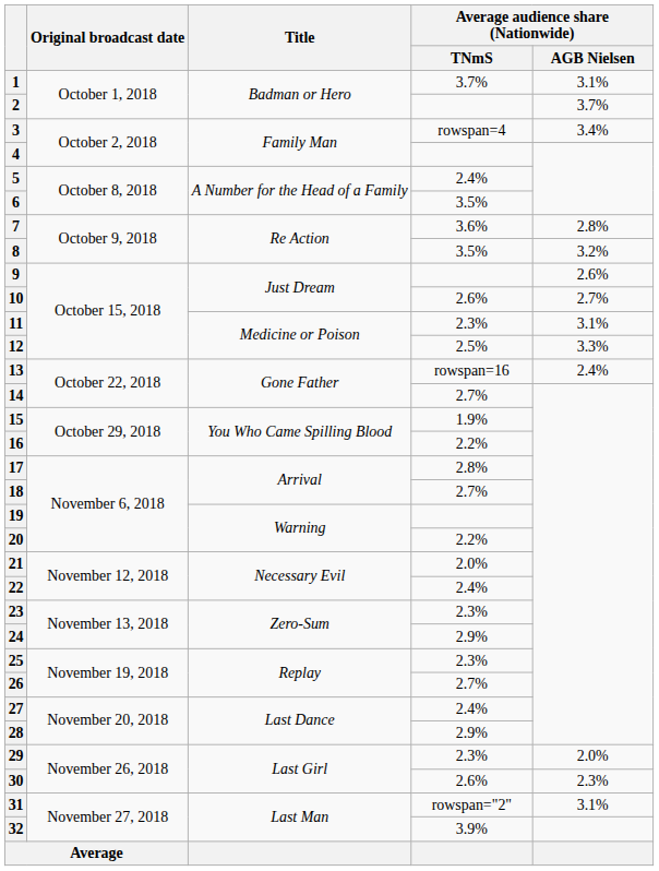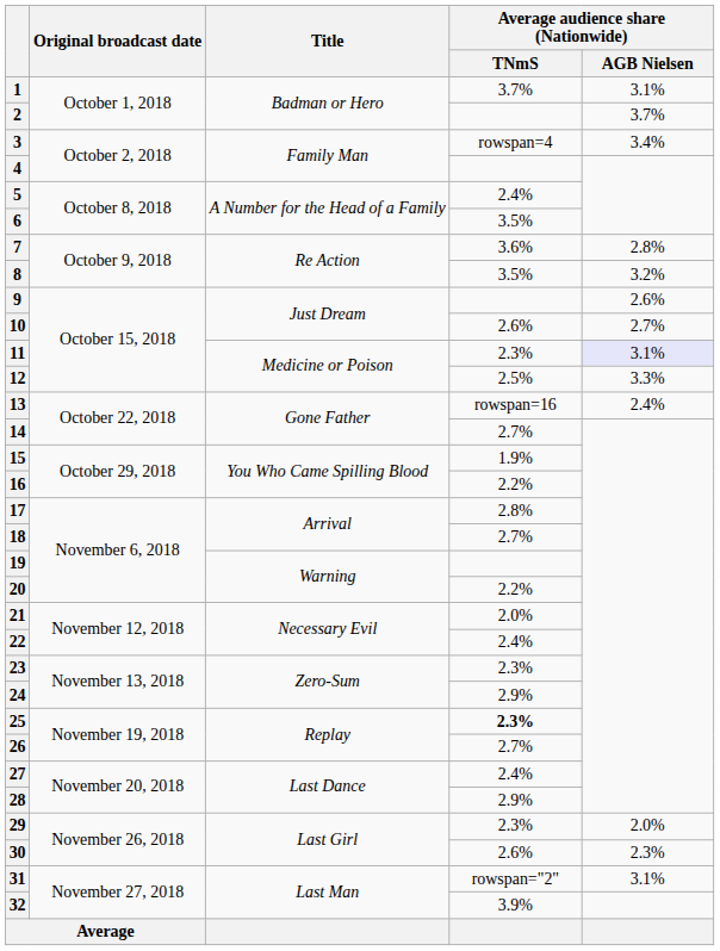 <table class="wikitable" style="text-align:center">
 <tr>
 <th rowspan="2"></th>
 <th rowspan="2">Original broadcast date</th>
 <th rowspan="2">Title</th>
 <th colspan="2">Average audience share (Nationwide)</th>
 </tr>
 <tr>
 <th width="120">TNmS</th>
 <th width="120">AGB Nielsen</th>
 </tr>
 <tr>
 <th>1</th>
 <td rowspan="2">October 1, 2018</td>
 <td rowspan="2"><em>Badman or Hero</em></td>
 <td>3.7%</td>
 <td>3.1% </td>
 </tr>
 <tr>
 <th>2</th>
 <td></td>
 <td>3.7% </td>
 </tr>
 <tr>
 <th>3</th>
 <td rowspan="2">October 2, 2018</td>
 <td rowspan="2"><em>Family Man</em></td>
 <td>rowspan=4 </td>
 <td>3.4% </td>
 </tr>
 <tr>
 <th>4</th>
 <td> </td>
 </tr>
 <tr>
 <th>5</th>
 <td rowspan="2">October 8, 2018</td>
 <td rowspan="2"><em>A Number for the Head of a Family</em></td>
 <td>2.4% </td>
 </tr>
 <tr>
 <th>6</th>
 <td>3.5% </td>
 </tr>
 <tr>
 <th>7</th>
 <td rowspan="2">October 9, 2018</td>
 <td rowspan="2"><em>Re Action</em></td>
 <td>3.6%</td>
 <td>2.8% </td>
 </tr>
 <tr>
 <th>8</th>
 <td>3.5%</td>
 <td>3.2% </td>
 </tr>
 <tr>
 <th>9</th>
 <td rowspan="4">October 15, 2018</td>
 <td rowspan="2"><em>Just Dream</em></td>
 <td></td>
 <td>2.6% </td>
 </tr>
 <tr>
 <th>10</th>
 <td>2.6%</td>
 <td>2.7% </td>
 </tr>
 <tr>
 <th>11</th>
 <td rowspan="2"><em>Medicine or Poison</em></td>
 <td>2.3%</td>
-<td>3.1% </td>
+<td style="background: lavender;">3.1% </td>
 </tr>
 <tr>
 <th>12</th>
 <td>2.5%</td>
 <td>3.3% </td>
 </tr>
 <tr>
 <th>13</th>
 <td rowspan="2">October 22, 2018</td>
 <td rowspan="2"><em>Gone Father</em></td>
 <td>rowspan=16 </td>
 <td>2.4% </td>
 </tr>
 <tr>
 <th>14</th>
 <td>2.7% </td>
 </tr>
 <tr>
 <th>15</th>
 <td rowspan="2">October 29, 2018</td>
 <td rowspan="2"><em>You Who Came Spilling Blood</em></td>
 <td>1.9% </td>
 </tr>
 <tr>
 <th>16</th>
 <td>2.2% </td>
 </tr>
 <tr>
 <th>17</th>
 <td rowspan="4">November 6, 2018</td>
 <td rowspan="2"><em>Arrival</em></td>
 <td>2.8% </td>
 </tr>
 <tr>
 <th>18</th>
 <td>2.7% </td>
 </tr>
 <tr>
 <th>19</th>
 <td rowspan="2"><em>Warning</em></td>
 <td> </td>
 </tr>
 <tr>
 <th>20</th>
 <td>2.2% </td>
 </tr>
 <tr>
 <th>21</th>
 <td rowspan="2">November 12, 2018</td>
 <td rowspan="2"><em>Necessary Evil</em></td>
 <td>2.0% </td>
 </tr>
 <tr>
 <th>22</th>
 <td>2.4% </td>
 </tr>
 <tr>
 <th>23</th>
 <td rowspan="2">November 13, 2018</td>
 <td rowspan="2"><em>Zero-Sum</em></td>
 <td>2.3% </td>
 </tr>
 <tr>
 <th>24</th>
 <td>2.9% </td>
 </tr>
 <tr>
 <th>25</th>
 <td rowspan="2">November 19, 2018</td>
 <td rowspan="2"><em>Replay</em></td>
-<td>2.3% </td>
+<td><strong>2.3% </strong></td>
 </tr>
 <tr>
 <th>26</th>
 <td>2.7% </td>
 </tr>
 <tr>
 <th>27</th>
 <td rowspan="2">November 20, 2018</td>
 <td rowspan="2"><em>Last Dance</em></td>
 <td>2.4% </td>
 </tr>
 <tr>
 <th>28</th>
 <td>2.9% </td>
 </tr>
 <tr>
 <th>29</th>
 <td rowspan="2">November 26, 2018</td>
 <td rowspan="2"><em>Last Girl</em></td>
 <td>2.3%</td>
 <td>2.0% </td>
 </tr>
 <tr>
 <th>30</th>
 <td>2.6%</td>
 <td>2.3% </td>
 </tr>
 <tr>
 <th>31</th>
 <td rowspan="2">November 27, 2018</td>
 <td rowspan="2"><em>Last Man</em></td>
 <td>rowspan="2" </td>
 <td>3.1% </td>
 </tr>
 <tr>
 <th>32</th>
 <td>3.9% </td>
 </tr>
 <tr>
 <th colspan="2">Average</th>
 <th></th>
 <th></th>
 <th></th>
 </tr>
 </table>
